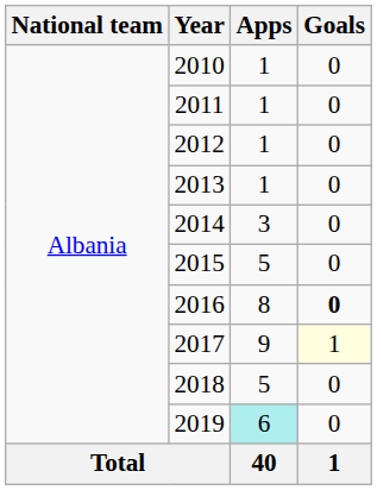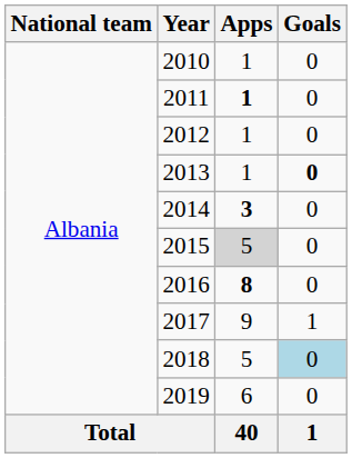 <table class="wikitable" style="text-align:center">
 <tr>
 <th>National team</th>
 <th>Year</th>
 <th>Apps</th>
 <th>Goals</th>
 </tr>
 <tr>
 <td rowspan="10"><a href='#'>Albania</a></td>
 <td>2010</td>
 <td>1</td>
 <td>0</td>
 </tr>
 <tr>
 <td>2011</td>
-<td>1</td>
+<td><strong>1</strong></td>
 <td>0</td>
 </tr>
 <tr>
 <td>2012</td>
 <td>1</td>
 <td>0</td>
 </tr>
 <tr>
 <td>2013</td>
 <td>1</td>
-<td>0</td>
+<td><strong>0</strong></td>
 </tr>
 <tr>
 <td>2014</td>
-<td>3</td>
+<td><strong>3</strong></td>
 <td>0</td>
 </tr>
 <tr>
 <td>2015</td>
-<td>5</td>
+<td style="background: lightgrey;">5</td>
 <td>0</td>
 </tr>
 <tr>
 <td>2016</td>
-<td>8</td>
-<td><strong>0</strong></td>
+<td><strong>8</strong></td>
+<td>0</td>
 </tr>
 <tr>
 <td>2017</td>
 <td>9</td>
-<td style="background: lightyellow;">1</td>
+<td>1</td>
 </tr>
 <tr>
 <td>2018</td>
 <td>5</td>
-<td>0</td>
+<td style="background: lightblue;">0</td>
 </tr>
 <tr>
 <td>2019</td>
-<td style="background: paleturquoise;">6</td>
+<td>6</td>
 <td>0</td>
 </tr>
 <tr>
 <th colspan="2">Total</th>
 <th>40</th>
 <th>1</th>
 </tr>
 </table>
